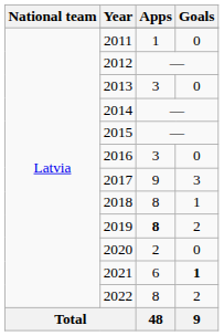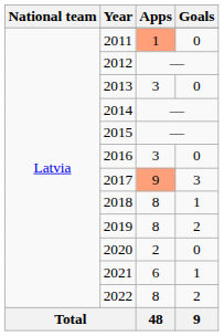 <table class="wikitable" style="text-align: center;">
 <tr>
 <th>National team</th>
 <th>Year</th>
 <th>Apps</th>
 <th>Goals</th>
 </tr>
 <tr>
 <td rowspan="13"><a href='#'>Latvia</a></td>
 </tr>
 <tr>
 <td>2011</td>
-<td>1</td>
+<td style="background: lightsalmon;">1</td>
 <td>0</td>
 </tr>
 <tr>
 <td>2012</td>
 <td colspan="2">—</td>
 </tr>
 <tr>
 <td>2013</td>
 <td>3</td>
 <td>0</td>
 </tr>
 <tr>
 <td>2014</td>
 <td colspan="2">—</td>
 </tr>
 <tr>
 <td>2015</td>
 <td colspan="2">—</td>
 </tr>
 <tr>
 <td>2016</td>
 <td>3</td>
 <td>0</td>
 </tr>
 <tr>
 <td>2017</td>
-<td>9</td>
+<td style="background: lightsalmon;">9</td>
 <td>3</td>
 </tr>
 <tr>
 <td>2018</td>
 <td>8</td>
 <td>1</td>
 </tr>
 <tr>
 <td>2019</td>
-<td><strong>8</strong></td>
+<td>8</td>
 <td>2</td>
 </tr>
 <tr>
 <td>2020</td>
 <td>2</td>
 <td>0</td>
 </tr>
 <tr>
 <td>2021</td>
 <td>6</td>
-<td><strong>1</strong></td>
+<td>1</td>
 </tr>
 <tr>
 <td>2022</td>
 <td>8</td>
 <td>2</td>
 </tr>
 <tr>
 <th colspan="2">Total</th>
 <th>48</th>
 <th>9</th>
 </tr>
 </table>
